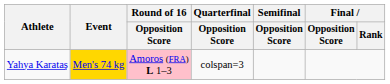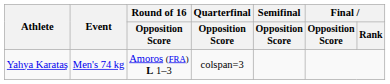 <table class="wikitable" style="font-size:90%">
 <tr>
 <th rowspan="2">Athlete</th>
 <th rowspan="2">Event</th>
 <th>Round of 16</th>
 <th>Quarterfinal</th>
 <th>Semifinal</th>
 <th colspan=2>Final / </th>
 </tr>
 <tr style="font-size:95%">
 <th>Opposition <br> Score</th>
 <th>Opposition <br> Score</th>
 <th>Opposition <br> Score</th>
 <th>Opposition <br> Score</th>
 <th>Rank</th>
 </tr>
 <tr align=center>
 <td align=left><a href='#'>Yahya Karataş</a></td>
-<td align=left style="background: gold;"><a href='#'>Men's 74 kg</a></td>
-<td style="background: pink;"> <a href='#'>Amoros</a> <small>(<a href='#'>FRA</a>)</small> <br><strong>L</strong> 1–3</td>
+<td align=left><a href='#'>Men's 74 kg</a></td>
+<td> <a href='#'>Amoros</a> <small>(<a href='#'>FRA</a>)</small> <br><strong>L</strong> 1–3</td>
 <td>colspan=3 </td>
 <td></td>
 </tr>
 </table>
